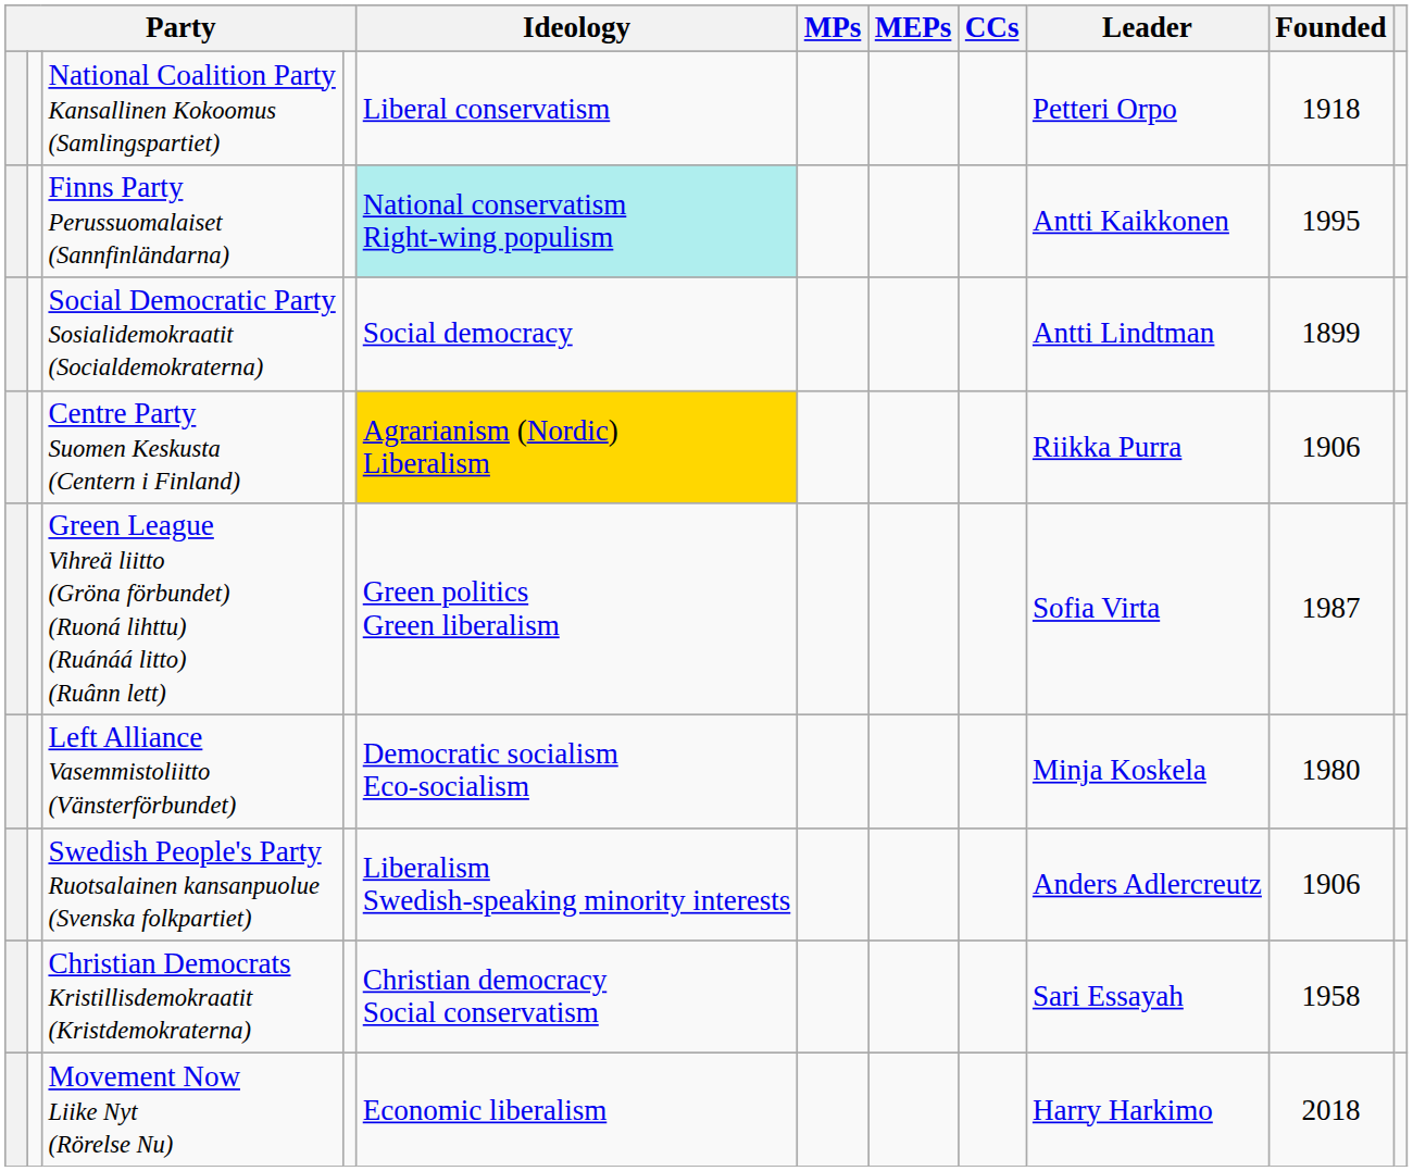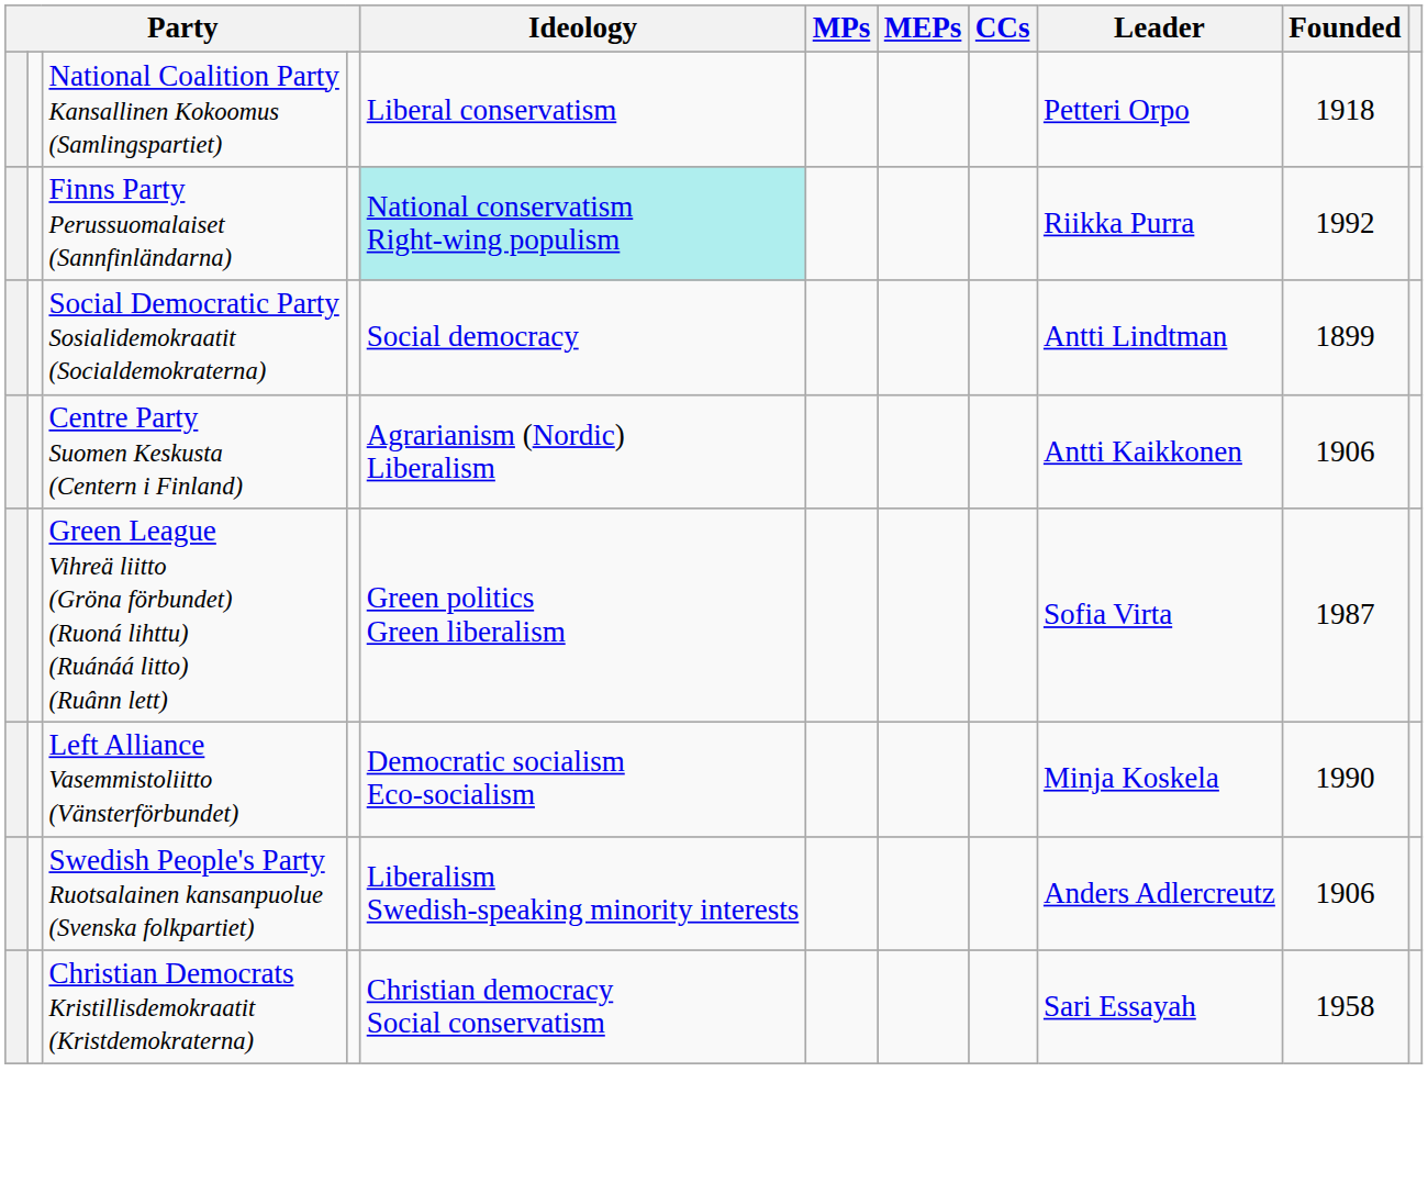 <table class="wikitable sortable">
 <tr>
 <th colspan="4">Party</th>
 <th>Ideology</th>
 <th><a href='#'>MPs</a></th>
 <th><a href='#'>MEPs</a></th>
 <th><a href='#'>CCs</a></th>
 <th>Leader</th>
 <th>Founded</th>
 <th scope="col" class="unsortable"></th>
 </tr>
 <tr>
 <th style="background-color: "></th>
 <td></td>
 <td><a href='#'>National Coalition Party</a> <br><small><em>Kansallinen Kokoomus<br></em></small><small><em>(</em></small><small><em>Samlingspartiet</em></small><small><em>)</em></small></td>
 <td><br></td>
 <td><a href='#'>Liberal conservatism</a></td>
 <td></td>
 <td></td>
 <td></td>
 <td><a href='#'>Petteri Orpo</a></td>
 <td valign="center" align="center">1918</td>
 <td></td>
 </tr>
 <tr>
 <th style="background-color: "></th>
 <td></td>
 <td><a href='#'>Finns Party</a> <br><small><em>Perussuomalaiset<br></em></small><small><em>(</em></small><small><em>Sannfinländarna</em></small><small><em>)</em></small></td>
 <td><br></td>
 <td style="background: paleturquoise;"><a href='#'>National conservatism</a><br><a href='#'>Right-wing populism</a></td>
 <td></td>
 <td></td>
 <td></td>
-<td><a href='#'>Antti Kaikkonen</a></td>
-<td valign="center" align="center">1995</td>
+<td><a href='#'>Riikka Purra</a></td>
+<td valign="center" align="center">1992</td>
 <td></td>
 </tr>
 <tr>
 <th width="5px" style="background-color: "></th>
 <td></td>
 <td><a href='#'>Social Democratic Party</a> <br><small><em>Sosialidemokraatit<br></em></small><small><em>(</em></small><em><small>Socialdemokraterna)</small></em></td>
 <td><em></em></td>
 <td><a href='#'>Social democracy</a></td>
 <td></td>
 <td></td>
 <td></td>
 <td><a href='#'>Antti Lindtman</a></td>
 <td valign="center" align="center">1899</td>
 <td></td>
 </tr>
 <tr>
 <th style="background-color: "></th>
 <td></td>
 <td><a href='#'>Centre Party</a> <br><small><em>Suomen Keskusta<br></em></small><small><em>(</em></small><em><small>Centern i Finland)</small></em></td>
 <td><em><br></em></td>
-<td style="background: gold;"><a href='#'>Agrarianism</a> (<a href='#'>Nordic</a>) <br><a href='#'>Liberalism</a></td>
+<td><a href='#'>Agrarianism</a> (<a href='#'>Nordic</a>) <br><a href='#'>Liberalism</a></td>
 <td></td>
 <td></td>
 <td></td>
-<td><a href='#'>Riikka Purra</a></td>
+<td><a href='#'>Antti Kaikkonen</a></td>
 <td valign="center" align="center">1906</td>
 <td></td>
 </tr>
 <tr>
 <th style="background-color: "></th>
 <td></td>
 <td><a href='#'>Green League</a> <br><small><em>Vihreä liitto<br></em></small><small><em>(</em></small><em><small>Gröna förbundet)<br>(Ruoná lihttu)<br>(Ruánáá litto)<br>(Ruânn lett)</small></em></td>
 <td><em></em></td>
 <td><a href='#'>Green politics</a><br><a href='#'>Green liberalism</a></td>
 <td></td>
 <td></td>
 <td></td>
 <td><a href='#'>Sofia Virta</a></td>
 <td valign="center" align="center">1987</td>
 <td></td>
 </tr>
 <tr>
 <th style="background-color: "></th>
 <td></td>
 <td><a href='#'>Left Alliance</a> <br><small><em>Vasemmistoliitto<br></em></small><small><em>(</em></small><em><small>Vänsterförbundet)</small></em></td>
 <td><em><br></em></td>
 <td><a href='#'>Democratic socialism</a> <br><a href='#'>Eco-socialism</a></td>
 <td></td>
 <td></td>
 <td></td>
 <td><a href='#'>Minja Koskela</a></td>
-<td valign="center" align="center">1980</td>
+<td valign="center" align="center">1990</td>
 <td></td>
 </tr>
 <tr>
 <th style="background-color: "></th>
 <td></td>
 <td><a href='#'>Swedish People's Party</a> <br><small><em>Ruotsalainen kansanpuolue<br></em></small><small><em>(</em></small><em><small>Svenska folkpartiet)</small></em></td>
 <td><br></td>
 <td><a href='#'>Liberalism</a><br><a href='#'>Swedish-speaking minority interests</a></td>
 <td></td>
 <td></td>
 <td></td>
 <td><a href='#'>Anders Adlercreutz</a></td>
 <td valign="center" align="center">1906</td>
 <td></td>
 </tr>
 <tr>
 <th style="background-color: "></th>
 <td></td>
 <td><a href='#'>Christian Democrats</a> <br><small><em>Kristillisdemokraatit<br></em></small><small><em>(</em></small><em><small>Kristdemokraterna)</small></em></td>
 <td><em></em></td>
 <td><a href='#'>Christian democracy</a><br><a href='#'>Social conservatism</a></td>
 <td></td>
 <td></td>
 <td></td>
 <td><a href='#'>Sari Essayah</a></td>
 <td valign="center" align="center">1958</td>
 <td></td>
 </tr>
-<tr>
-<th style="background-color: "></th>
-<td></td>
-<td><a href='#'>Movement Now</a> <br><small><em>Liike Nyt<br></em></small><small><em>(</em></small><em><small>Rörelse Nu)</small></em></td>
-<td><em><br></em></td>
-<td><a href='#'>Economic liberalism</a></td>
-<td></td>
-<td></td>
-<td></td>
-<td><a href='#'>Harry Harkimo</a></td>
-<td valign="center" align="center">2018</td>
-<td></td>
-</tr>
 </table>
